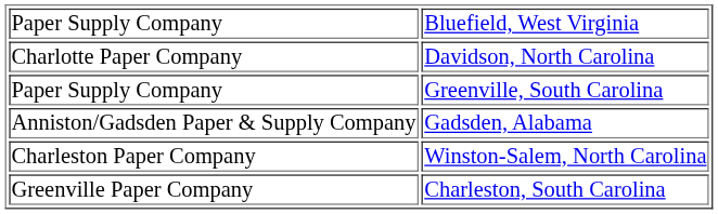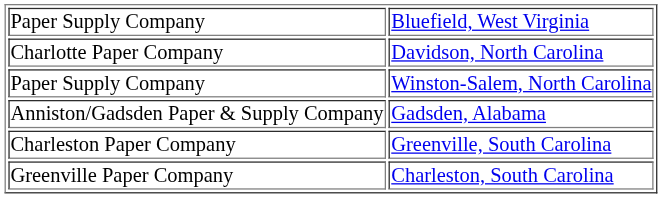 <table border="1" style="margin:1em auto;">
 <tr>
 <td>Paper Supply Company</td>
 <td><a href='#'>Bluefield, West Virginia</a></td>
 </tr>
 <tr>
 <td>Charlotte Paper Company</td>
 <td><a href='#'>Davidson, North Carolina</a></td>
 </tr>
 <tr>
 <td>Paper Supply Company</td>
-<td><a href='#'>Greenville, South Carolina</a></td>
+<td><a href='#'>Winston-Salem, North Carolina</a></td>
 </tr>
 <tr>
 <td>Anniston/Gadsden Paper & Supply Company</td>
 <td><a href='#'>Gadsden, Alabama</a></td>
 </tr>
 <tr>
 <td>Charleston Paper Company</td>
-<td><a href='#'>Winston-Salem, North Carolina</a></td>
+<td><a href='#'>Greenville, South Carolina</a></td>
 </tr>
 <tr>
 <td>Greenville Paper Company</td>
 <td><a href='#'>Charleston, South Carolina</a></td>
 </tr>
 </table>
